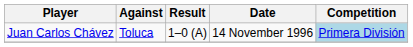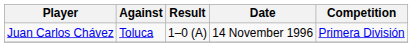 <table class="wikitable">
 <tr>
 <th>Player</th>
 <th>Against</th>
 <th>Result</th>
 <th>Date</th>
 <th>Competition</th>
 </tr>
 <tr>
 <td> <a href='#'>Juan Carlos Chávez</a></td>
 <td><a href='#'>Toluca</a></td>
 <td>1–0 (A)</td>
 <td>14 November 1996</td>
-<td style="background: lightblue;"><a href='#'>Primera División</a></td>
+<td><a href='#'>Primera División</a></td>
 </tr>
 <tr>
 </tr>
 </table>
